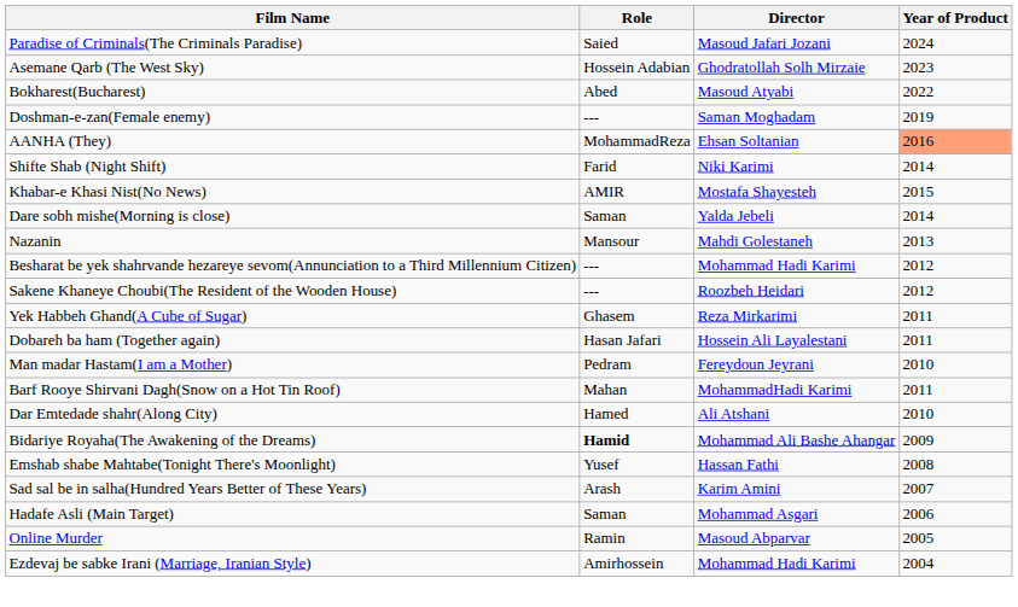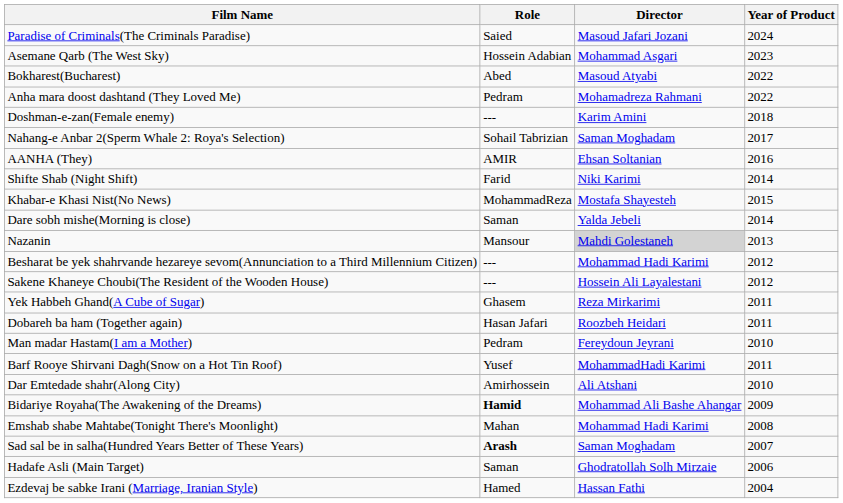 <table class="wikitable sortable">
 <tr>
 <th>Film Name</th>
 <th>Role</th>
 <th>Director</th>
 <th>Year of Product</th>
 </tr>
 <tr>
 <td><a href='#'>Paradise of Criminals</a>(The Criminals Paradise)</td>
 <td>Saied</td>
 <td><a href='#'>Masoud Jafari Jozani</a></td>
 <td>2024</td>
 </tr>
 <tr>
 <td>Asemane Qarb (The West Sky)</td>
 <td>Hossein Adabian</td>
-<td><a href='#'>Ghodratollah Solh Mirzaie</a></td>
+<td><a href='#'>Mohammad Asgari</a></td>
 <td>2023</td>
 </tr>
 <tr>
 <td>Bokharest(Bucharest)</td>
 <td>Abed‌</td>
 <td><a href='#'>Masoud Atyabi</a></td>
 <td>2022</td>
 </tr>
 <tr>
+<td>Anha mara doost dashtand (They Loved Me)</td>
+<td>Pedram</td>
+<td><a href='#'>Mohamadreza Rahmani</a></td>
+<td>2022</td>
+</tr>
+<tr>
 <td>Doshman-e-zan(Female enemy)</td>
 <td>---‌</td>
+<td><a href='#'>Karim Amini</a></td>
+<td>2018</td>
+</tr>
+<tr>
+<td>Nahang-e Anbar 2(Sperm Whale 2: Roya's Selection)</td>
+<td>Sohail Tabrizian</td>
 <td><a href='#'>Saman Moghadam</a></td>
-<td>2019</td>
+<td>2017</td>
 </tr>
 <tr>
 <td>AANHA (They)</td>
-<td>MohammadReza</td>
+<td>AMIR</td>
 <td><a href='#'>Ehsan Soltanian</a></td>
-<td style="background: lightsalmon;">2016</td>
+<td>2016</td>
 </tr>
 <tr>
 <td>Shifte Shab (Night Shift)</td>
 <td>Farid</td>
 <td><a href='#'>Niki Karimi</a></td>
 <td>2014</td>
 </tr>
 <tr>
 <td>Khabar-e Khasi Nist(No News)</td>
-<td>AMIR</td>
+<td>MohammadReza</td>
 <td><a href='#'>Mostafa Shayesteh</a></td>
 <td>2015</td>
 </tr>
 <tr>
 <td>Dare sobh mishe(Morning is close)</td>
 <td>Saman</td>
 <td><a href='#'>Yalda Jebeli</a></td>
 <td>2014</td>
 </tr>
 <tr>
 <td>Nazanin</td>
 <td>Mansour</td>
-<td><a href='#'>Mahdi Golestaneh</a></td>
+<td style="background: lightgrey;"><a href='#'>Mahdi Golestaneh</a></td>
 <td>2013</td>
 </tr>
 <tr>
 <td>Besharat be yek shahrvande hezareye sevom(Annunciation to a Third Millennium Citizen)</td>
 <td>---</td>
 <td><a href='#'>Mohammad Hadi Karimi</a></td>
 <td>2012</td>
 </tr>
 <tr>
 <td>Sakene Khaneye Choubi(The Resident of the Wooden House)</td>
 <td>---</td>
-<td><a href='#'>Roozbeh Heidari</a></td>
+<td><a href='#'>Hossein Ali Layalestani</a></td>
 <td>2012</td>
 </tr>
 <tr>
 <td>Yek Habbeh Ghand(<a href='#'>A Cube of Sugar</a>)</td>
 <td>Ghasem</td>
 <td><a href='#'>Reza Mirkarimi</a></td>
 <td>2011</td>
 </tr>
 <tr>
 <td>Dobareh ba ham (Together again)</td>
 <td>Hasan Jafari</td>
-<td><a href='#'>Hossein Ali Layalestani</a></td>
+<td><a href='#'>Roozbeh Heidari</a></td>
 <td>2011</td>
 </tr>
 <tr>
 <td>Man madar Hastam(<a href='#'>I am a Mother</a>)</td>
 <td>Pedram</td>
 <td><a href='#'>Fereydoun Jeyrani</a></td>
 <td>2010</td>
 </tr>
 <tr>
 <td>Barf Rooye Shirvani Dagh(Snow on a Hot Tin Roof)</td>
-<td>Mahan</td>
+<td>Yusef</td>
 <td><a href='#'>MohammadHadi Karimi</a></td>
 <td>2011</td>
 </tr>
 <tr>
 <td>Dar Emtedade shahr(Along City)</td>
-<td>Hamed</td>
+<td>Amirhossein</td>
 <td><a href='#'>Ali Atshani</a></td>
 <td>2010</td>
 </tr>
 <tr>
 <td>Bidariye Royaha(The Awakening of the Dreams)</td>
 <td><strong>Hamid</strong></td>
 <td><a href='#'>Mohammad Ali Bashe Ahangar</a></td>
 <td>2009</td>
 </tr>
 <tr>
 <td>Emshab shabe Mahtabe(Tonight There's Moonlight)</td>
-<td>Yusef</td>
-<td><a href='#'>Hassan Fathi</a></td>
+<td>Mahan</td>
+<td><a href='#'>Mohammad Hadi Karimi</a></td>
 <td>2008</td>
 </tr>
 <tr>
 <td>Sad sal be in salha(Hundred Years Better of These Years)</td>
-<td>Arash</td>
-<td><a href='#'>Karim Amini</a></td>
+<td><strong>Arash</strong></td>
+<td><a href='#'>Saman Moghadam</a></td>
 <td>2007</td>
 </tr>
 <tr>
 <td>Hadafe Asli (Main Target)</td>
 <td>Saman</td>
-<td><a href='#'>Mohammad Asgari</a></td>
+<td><a href='#'>Ghodratollah Solh Mirzaie</a></td>
 <td>2006</td>
 </tr>
 <tr>
-<td><a href='#'>Online Murder</a></td>
-<td>Ramin</td>
-<td><a href='#'>Masoud Abparvar</a></td>
-<td>2005</td>
-</tr>
-<tr>
 <td>Ezdevaj be sabke Irani (<a href='#'>Marriage, Iranian Style</a>)</td>
-<td>Amirhossein</td>
-<td><a href='#'>Mohammad Hadi Karimi</a></td>
+<td>Hamed</td>
+<td><a href='#'>Hassan Fathi</a></td>
 <td>2004</td>
 </tr>
 </table>
